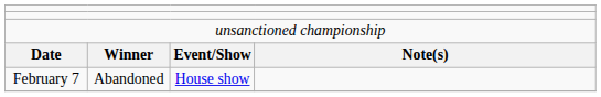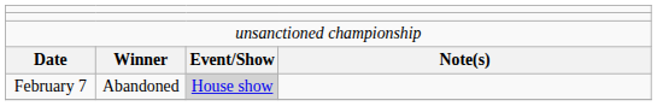 <table class="wikitable" style="text-align:center; width:100%;">
 <tr>
 <td colspan="5"></td>
 </tr>
 <tr>
 <td colspan="5"><strong></strong></td>
 </tr>
 <tr>
 <td colspan="5"><em>unsanctioned championship</em></td>
 </tr>
 <tr>
 <th width=14%>Date</th>
 <th width=14%>Winner</th>
 <th width=14%>Event/Show</th>
 <th width=58%>Note(s)</th>
 </tr>
 <tr>
 <td>February 7</td>
 <td>Abandoned</td>
-<td><a href='#'>House show</a></td>
+<td style="background: lightgrey;"><a href='#'>House show</a></td>
 <td align=left></td>
 </tr>
 <tr>
 </tr>
 </table>
